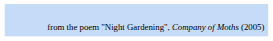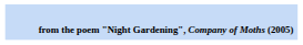 <table class="toccolours" style="float: center; margin-left: 2em; margin-right: 1em; font-size: 90%; background:#c6dbf7; width:30em; max-width: 40%;" cellspacing="5">
 <tr>
 <td style="text-align: left;"><br></td>
 </tr>
 <tr>
-<td style="text-align: right;">from the poem "Night Gardening", <em>Company of Moths</em> (2005)</td>
+<td style="text-align: right;"><strong>from the poem "Night Gardening", <em>Company of Moths</em> (2005)</strong></td>
 </tr>
 </table>
